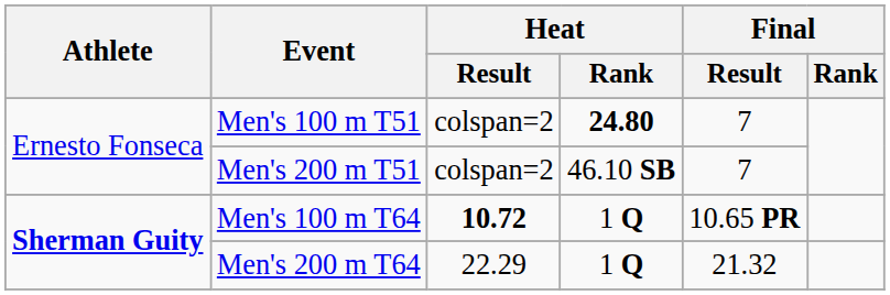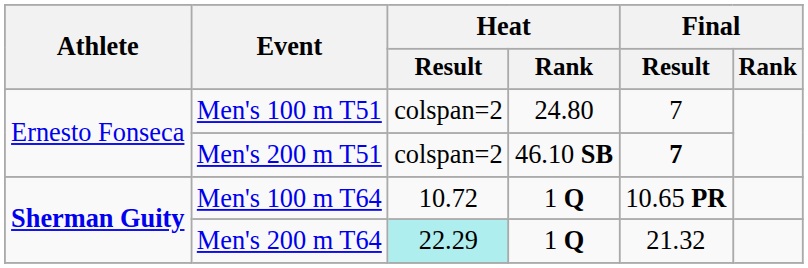 <table class="wikitable" style="font-size:90%">
 <tr>
 <th rowspan="2">Athlete</th>
 <th rowspan="2">Event</th>
 <th colspan="2">Heat</th>
 <th colspan="2">Final</th>
 </tr>
 <tr style="font-size:95%">
 <th>Result</th>
 <th>Rank</th>
 <th>Result</th>
 <th>Rank</th>
 </tr>
 <tr align=center>
 <td align=left rowspan=2><a href='#'>Ernesto Fonseca</a></td>
 <td align=left><a href='#'>Men's 100 m T51</a></td>
 <td>colspan=2 </td>
-<td><strong>24.80</strong></td>
+<td>24.80</td>
 <td>7</td>
 </tr>
 <tr align=center>
 <td align=left><a href='#'>Men's 200 m T51</a></td>
 <td>colspan=2 </td>
 <td>46.10 <strong>SB</strong></td>
-<td>7</td>
+<td><strong>7</strong></td>
 </tr>
 <tr align=center>
 <td align=left rowspan=2><strong><a href='#'>Sherman Guity</a></strong></td>
 <td align=left><a href='#'>Men's 100 m T64</a></td>
-<td><strong>10.72</strong></td>
+<td>10.72</td>
 <td>1 <strong>Q</strong></td>
 <td>10.65 <strong>PR</strong></td>
 <td></td>
 </tr>
 <tr align=center>
 <td align=left><a href='#'>Men's 200 m T64</a></td>
-<td>22.29</td>
+<td style="background: paleturquoise;">22.29</td>
 <td>1 <strong>Q</strong></td>
 <td>21.32</td>
 <td></td>
 </tr>
 </table>
